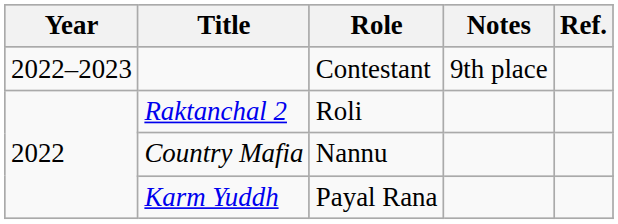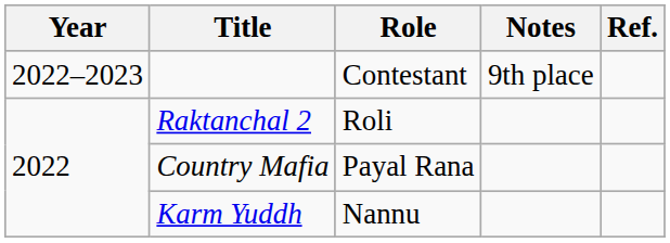 <table class=wikitable>
 <tr>
 <th>Year</th>
 <th>Title</th>
 <th>Role</th>
 <th>Notes</th>
 <th>Ref.</th>
 </tr>
 <tr>
 <td>2022–2023</td>
 <td></td>
 <td>Contestant</td>
 <td>9th place</td>
 <td></td>
 </tr>
 <tr>
 <td rowspan="3">2022</td>
 <td><em><a href='#'>Raktanchal 2</a></em></td>
 <td>Roli</td>
 <td></td>
 <td></td>
 </tr>
 <tr>
 <td><em>Country Mafia</em></td>
-<td>Nannu</td>
+<td>Payal Rana</td>
 <td></td>
 <td></td>
 </tr>
 <tr>
 <td><em><a href='#'>Karm Yuddh</a></em></td>
-<td>Payal Rana</td>
+<td>Nannu</td>
 <td></td>
 <td></td>
 </tr>
 </table>
